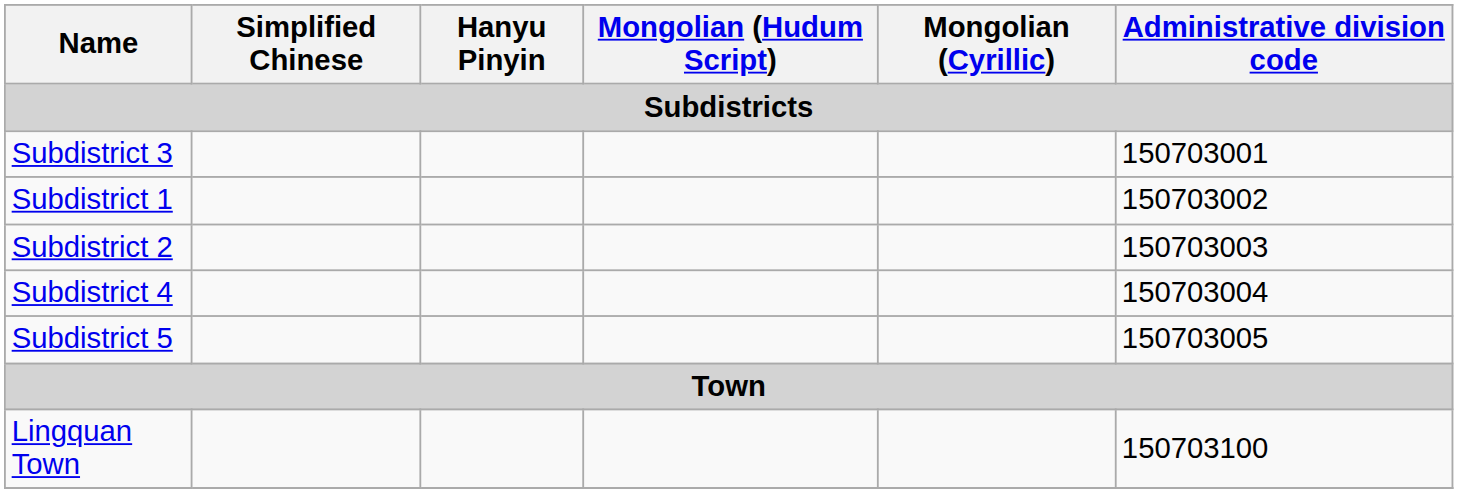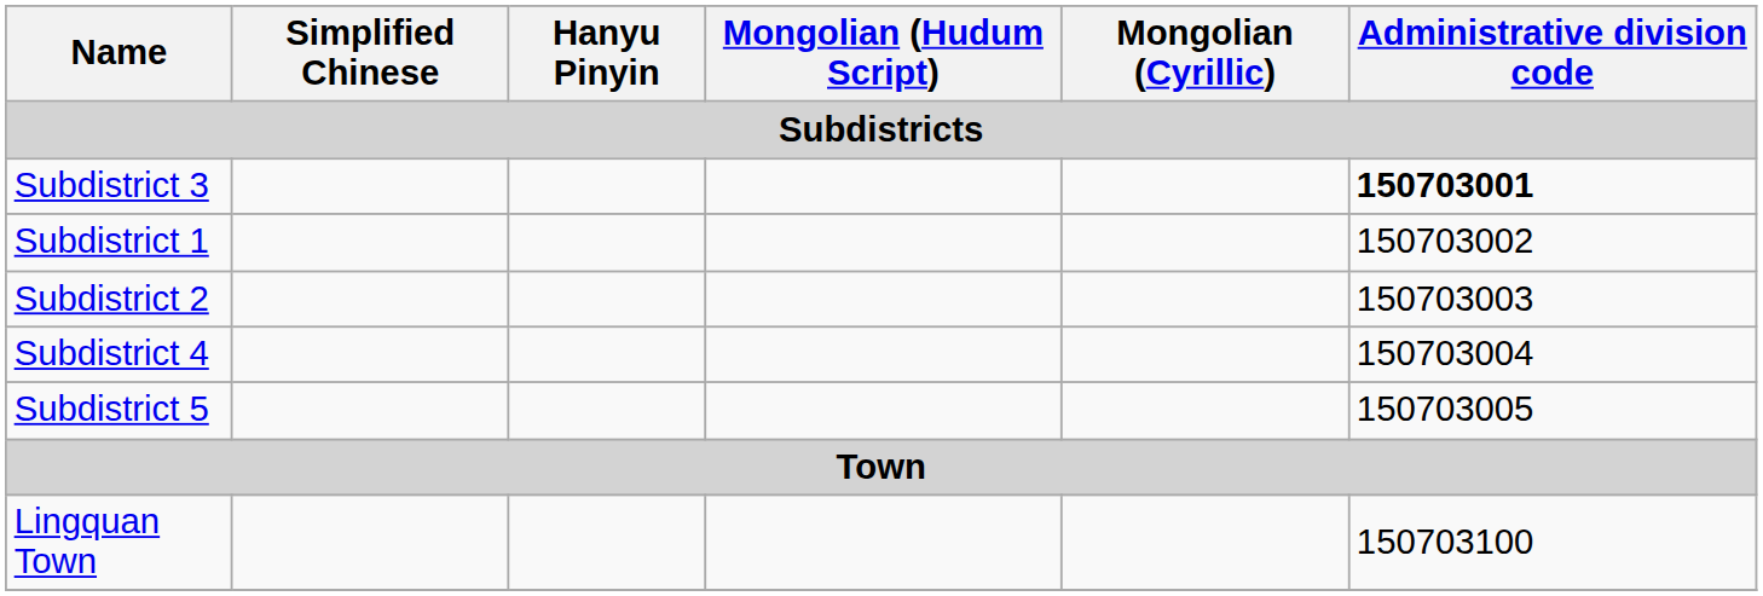 <table class="wikitable" align="center" style="width:50%; border="1">
 <tr>
 <th>Name</th>
 <th>Simplified Chinese</th>
 <th>Hanyu Pinyin</th>
 <th><a href='#'>Mongolian</a> (<a href='#'>Hudum Script</a>)</th>
 <th>Mongolian (<a href='#'>Cyrillic</a>)</th>
 <th><a href='#'>Administrative division code</a></th>
 </tr>
 <tr>
 <td colspan="6"  style="text-align:center; background:#d3d3d3;"><strong>Subdistricts</strong></td>
 </tr>
 <tr --------->
 <td><a href='#'>Subdistrict 3</a></td>
 <td></td>
 <td></td>
 <td></td>
 <td></td>
-<td>150703001</td>
+<td><strong>150703001</strong></td>
 </tr>
 <tr>
 <td><a href='#'>Subdistrict 1</a></td>
 <td></td>
 <td></td>
 <td></td>
 <td></td>
 <td>150703002</td>
 </tr>
 <tr>
 <td><a href='#'>Subdistrict 2</a></td>
 <td></td>
 <td></td>
 <td></td>
 <td></td>
 <td>150703003</td>
 </tr>
 <tr>
 <td><a href='#'>Subdistrict 4</a></td>
 <td></td>
 <td></td>
 <td></td>
 <td></td>
 <td>150703004</td>
 </tr>
 <tr>
 <td><a href='#'>Subdistrict 5</a></td>
 <td></td>
 <td></td>
 <td></td>
 <td></td>
 <td>150703005</td>
 </tr>
 <tr>
 <td colspan="6"  style="text-align:center; background:#d3d3d3;"><strong>Town</strong></td>
 </tr>
 <tr --------->
 <td><a href='#'>Lingquan Town</a></td>
 <td></td>
 <td></td>
 <td></td>
 <td></td>
 <td>150703100</td>
 </tr>
 <tr>
 </tr>
 </table>
